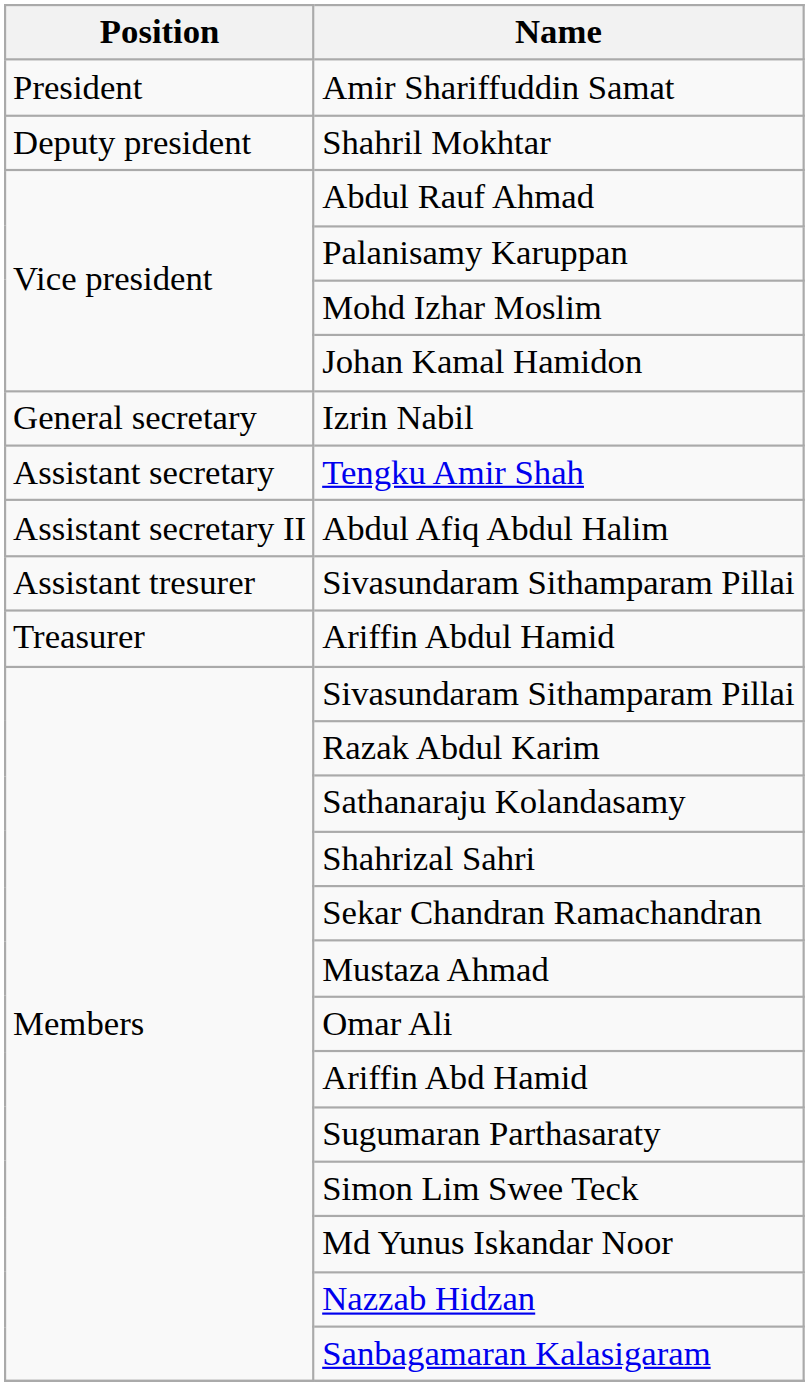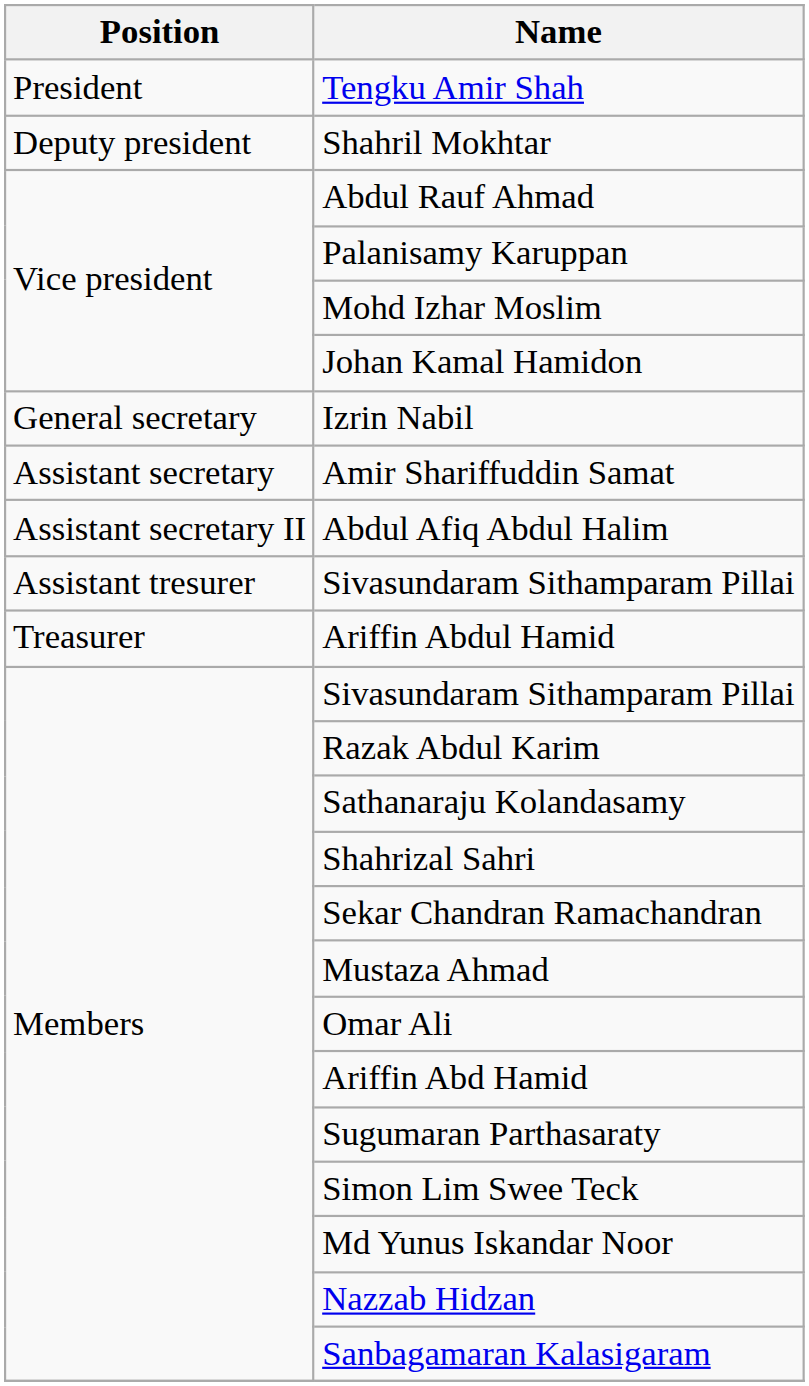 <table class="wikitable">
 <tr>
 <th>Position</th>
 <th>Name</th>
 </tr>
 <tr>
 <td>President</td>
-<td> Amir Shariffuddin Samat</td>
+<td> <a href='#'>Tengku Amir Shah</a></td>
 </tr>
 <tr>
 <td>Deputy president</td>
 <td> Shahril Mokhtar</td>
 </tr>
 <tr>
 <td rowspan=4>Vice president</td>
 <td> Abdul Rauf Ahmad</td>
 </tr>
 <tr>
 <td> Palanisamy Karuppan</td>
 </tr>
 <tr>
 <td> Mohd Izhar Moslim</td>
 </tr>
 <tr>
 <td> Johan Kamal Hamidon</td>
 </tr>
 <tr>
 <td>General secretary</td>
 <td> Izrin Nabil</td>
 </tr>
 <tr>
 <td>Assistant secretary</td>
-<td> <a href='#'>Tengku Amir Shah</a></td>
+<td> Amir Shariffuddin Samat</td>
 </tr>
 <tr>
 <td>Assistant secretary II</td>
 <td> Abdul Afiq Abdul Halim</td>
 </tr>
 <tr>
 <td>Assistant tresurer</td>
 <td> Sivasundaram Sithamparam Pillai</td>
 </tr>
 <tr>
 <td>Treasurer</td>
 <td> Ariffin Abdul Hamid</td>
 </tr>
 <tr>
 <td rowspan=13>Members</td>
 <td> Sivasundaram Sithamparam Pillai</td>
 </tr>
 <tr>
 <td> Razak Abdul Karim</td>
 </tr>
 <tr>
 <td> Sathanaraju Kolandasamy</td>
 </tr>
 <tr>
 <td> Shahrizal Sahri</td>
 </tr>
 <tr>
 <td> Sekar Chandran Ramachandran</td>
 </tr>
 <tr>
 <td> Mustaza Ahmad</td>
 </tr>
 <tr>
 <td> Omar Ali</td>
 </tr>
 <tr>
 <td> Ariffin Abd Hamid</td>
 </tr>
 <tr>
 <td> Sugumaran Parthasaraty</td>
 </tr>
 <tr>
 <td> Simon Lim Swee Teck</td>
 </tr>
 <tr>
 <td> Md Yunus Iskandar Noor</td>
 </tr>
 <tr>
 <td> <a href='#'>Nazzab Hidzan</a></td>
 </tr>
 <tr>
 <td> <a href='#'>Sanbagamaran Kalasigaram</a></td>
 </tr>
 <tr>
 </tr>
 </table>
